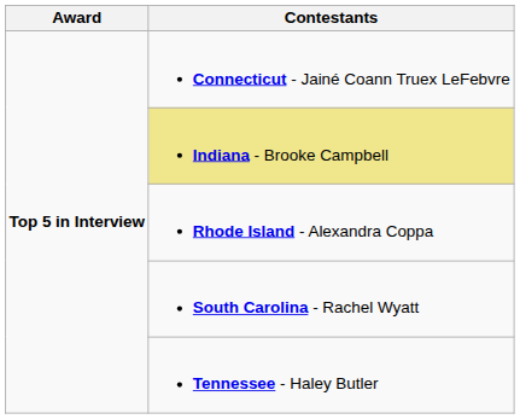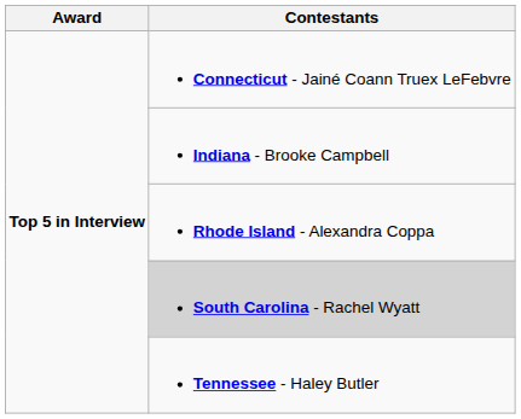 <table class="wikitable">
 <tr>
 <th>Award</th>
 <th>Contestants</th>
 </tr>
 <tr>
 <td rowspan="5"><strong>Top 5 in Interview</strong></td>
 <td><br><ul><li> <strong><a href='#'>Connecticut</a></strong> - Jainé Coann Truex LeFebvre</li></ul></td>
 </tr>
 <tr>
-<td style="background: khaki;"><br><ul><li> <strong><a href='#'>Indiana</a></strong> - Brooke Campbell</li></ul></td>
+<td><br><ul><li> <strong><a href='#'>Indiana</a></strong> - Brooke Campbell</li></ul></td>
 </tr>
 <tr>
 <td><br><ul><li> <strong><a href='#'>Rhode Island</a></strong> - Alexandra Coppa</li></ul></td>
 </tr>
 <tr>
-<td><br><ul><li> <strong><a href='#'>South Carolina</a></strong> - Rachel Wyatt</li></ul></td>
+<td style="background: lightgrey;"><br><ul><li> <strong><a href='#'>South Carolina</a></strong> - Rachel Wyatt</li></ul></td>
 </tr>
 <tr>
 <td><br><ul><li> <strong><a href='#'>Tennessee</a></strong> - Haley Butler</li></ul></td>
 </tr>
 </table>
